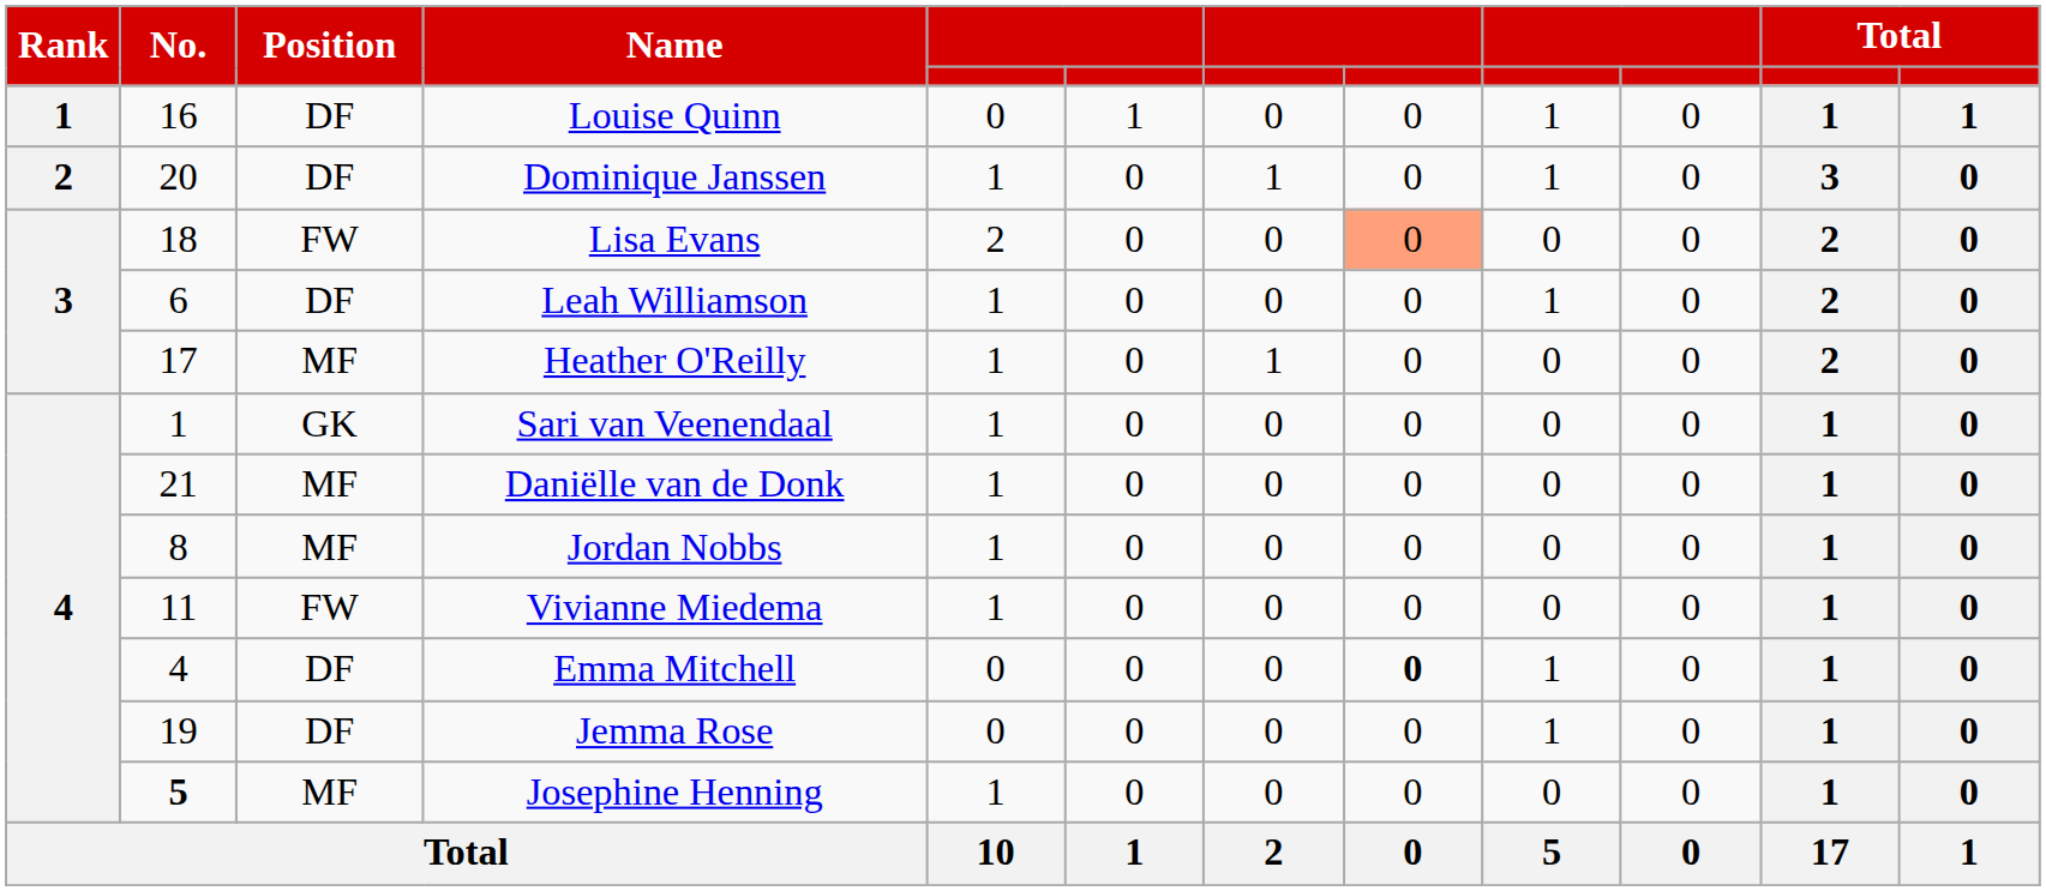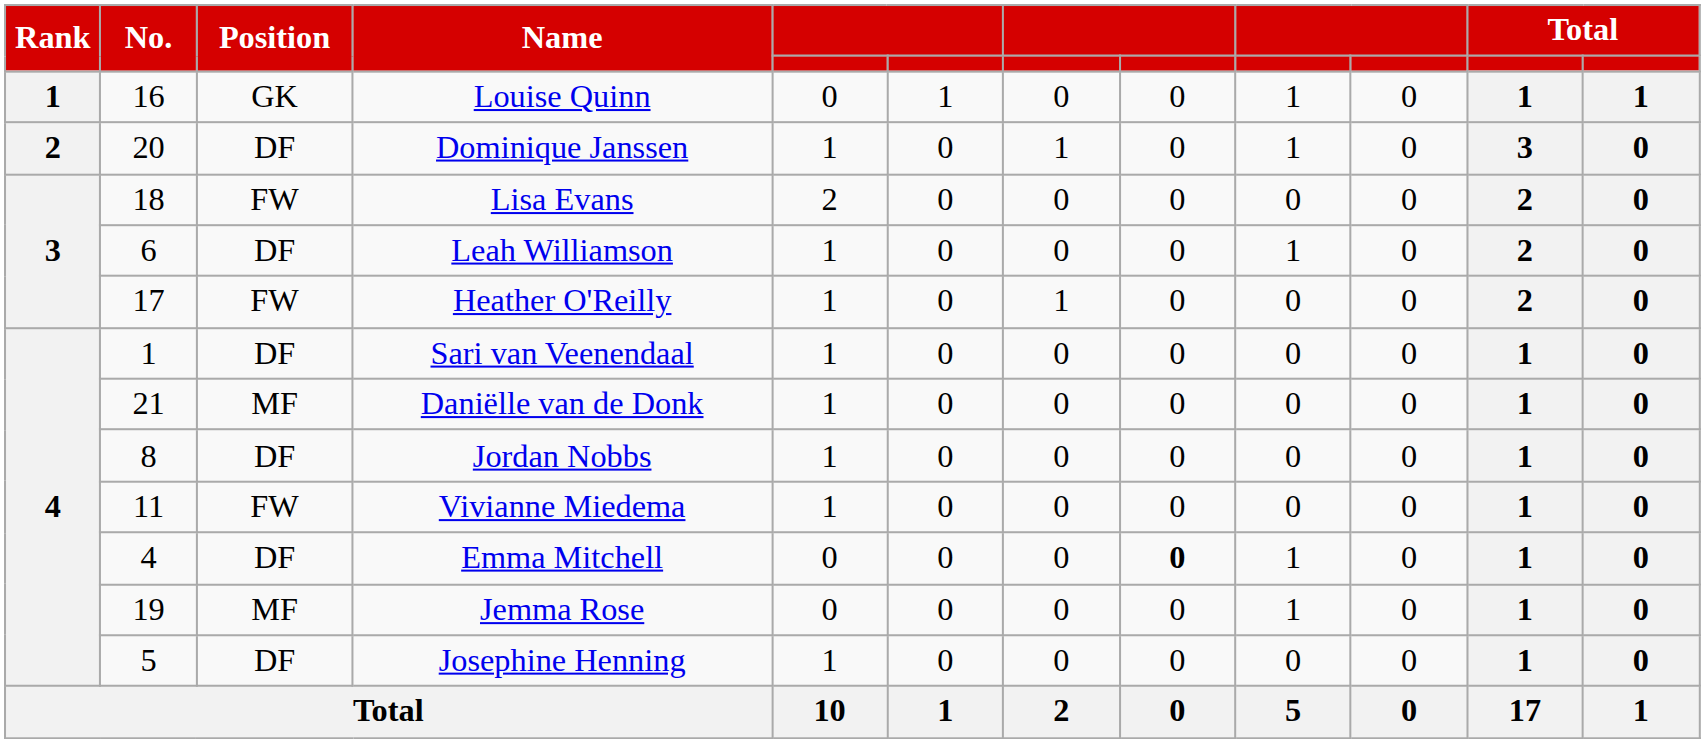 <table class="wikitable" style="text-align:center; font-size:100%; ">
 <tr>
 <th style="background:#d50000; color:white; text-align:center; width:40px" rowspan="2">Rank</th>
 <th style="background:#d50000; color:white; text-align:center; width:40px" rowspan="2">No.</th>
 <th rowspan="2" style="background:#d50000; color:white; text-align:center; width:70px">Position</th>
 <th style="background:#d50000; color:white; text-align:center; width:200px" rowspan="2">Name</th>
 <th style="background:#d50000; color:white; text-align:center;" colspan="2"><a href='#'></a></th>
 <th style="background:#d50000; color:white; text-align:center;" colspan="2"><a href='#'></a></th>
 <th style="background:#d50000; color:white; text-align:center;" colspan="2"><a href='#'></a></th>
 <th style="background:#d50000; color:white; text-align:center;" colspan="2">Total</th>
 </tr>
 <tr>
 <th style="background:#d50000; color:white; text-align:center; width:50px;"></th>
 <th style="background:#d50000; color:white; text-align:center; width:50px;"></th>
 <th style="background:#d50000; color:white; text-align:center; width:50px;"></th>
 <th style="background:#d50000; color:white; text-align:center; width:50px;"></th>
 <th style="background:#d50000; color:white; text-align:center; width:50px;"></th>
 <th style="background:#d50000; color:white; text-align:center; width:50px;"></th>
 <th style="background:#d50000; color:white; text-align:center; width:50px;"></th>
 <th style="background:#d50000; color:white; text-align:center; width:50px;"></th>
 </tr>
 <tr>
 <th>1</th>
 <td>16</td>
-<td>DF</td>
+<td>GK</td>
 <td> <a href='#'>Louise Quinn</a></td>
 <td>0</td>
 <td>1</td>
 <td>0</td>
 <td>0</td>
 <td>1</td>
 <td>0</td>
 <th>1</th>
 <th>1</th>
 </tr>
 <tr>
 <th>2</th>
 <td>20</td>
 <td>DF</td>
 <td> <a href='#'>Dominique Janssen</a></td>
 <td>1</td>
 <td>0</td>
 <td>1</td>
 <td>0</td>
 <td>1</td>
 <td>0</td>
 <th>3</th>
 <th>0</th>
 </tr>
 <tr>
 <th rowspan="3">3</th>
 <td>18</td>
 <td>FW</td>
 <td> <a href='#'>Lisa Evans</a></td>
 <td>2</td>
 <td>0</td>
 <td>0</td>
-<td style="background: lightsalmon;">0</td>
+<td>0</td>
 <td>0</td>
 <td>0</td>
 <th>2</th>
 <th>0</th>
 </tr>
 <tr>
 <td>6</td>
 <td>DF</td>
 <td> <a href='#'>Leah Williamson</a></td>
 <td>1</td>
 <td>0</td>
 <td>0</td>
 <td>0</td>
 <td>1</td>
 <td>0</td>
 <th>2</th>
 <th>0</th>
 </tr>
 <tr>
 <td>17</td>
-<td>MF</td>
+<td>FW</td>
 <td> <a href='#'>Heather O'Reilly</a></td>
 <td>1</td>
 <td>0</td>
 <td>1</td>
 <td>0</td>
 <td>0</td>
 <td>0</td>
 <th>2</th>
 <th>0</th>
 </tr>
 <tr>
 <th rowspan="7">4</th>
 <td>1</td>
-<td>GK</td>
+<td>DF</td>
 <td> <a href='#'>Sari van Veenendaal</a></td>
 <td>1</td>
 <td>0</td>
 <td>0</td>
 <td>0</td>
 <td>0</td>
 <td>0</td>
 <th>1</th>
 <th>0</th>
 </tr>
 <tr>
 <td>21</td>
 <td>MF</td>
 <td> <a href='#'>Daniëlle van de Donk</a></td>
 <td>1</td>
 <td>0</td>
 <td>0</td>
 <td>0</td>
 <td>0</td>
 <td>0</td>
 <th>1</th>
 <th>0</th>
 </tr>
 <tr>
 <td>8</td>
-<td>MF</td>
+<td>DF</td>
 <td> <a href='#'>Jordan Nobbs</a></td>
 <td>1</td>
 <td>0</td>
 <td>0</td>
 <td>0</td>
 <td>0</td>
 <td>0</td>
 <th>1</th>
 <th>0</th>
 </tr>
 <tr>
 <td>11</td>
 <td>FW</td>
 <td> <a href='#'>Vivianne Miedema</a></td>
 <td>1</td>
 <td>0</td>
 <td>0</td>
 <td>0</td>
 <td>0</td>
 <td>0</td>
 <th>1</th>
 <th>0</th>
 </tr>
 <tr>
 <td>4</td>
 <td>DF</td>
 <td> <a href='#'>Emma Mitchell</a></td>
 <td>0</td>
 <td>0</td>
 <td>0</td>
 <td><strong>0</strong></td>
 <td>1</td>
 <td>0</td>
 <th>1</th>
 <th>0</th>
 </tr>
 <tr>
 <td>19</td>
-<td>DF</td>
+<td>MF</td>
 <td> <a href='#'>Jemma Rose</a></td>
 <td>0</td>
 <td>0</td>
 <td>0</td>
 <td>0</td>
 <td>1</td>
 <td>0</td>
 <th>1</th>
 <th>0</th>
 </tr>
 <tr>
-<td><strong>5</strong></td>
-<td>MF</td>
+<td>5</td>
+<td>DF</td>
 <td> <a href='#'>Josephine Henning</a></td>
 <td>1</td>
 <td>0</td>
 <td>0</td>
 <td>0</td>
 <td>0</td>
 <td>0</td>
 <th>1</th>
 <th>0</th>
 </tr>
 <tr>
 <th colspan="4">Total</th>
 <th>10</th>
 <th>1</th>
 <th>2</th>
 <th>0</th>
 <th>5</th>
 <th>0</th>
 <th>17</th>
 <th>1</th>
 </tr>
 </table>
